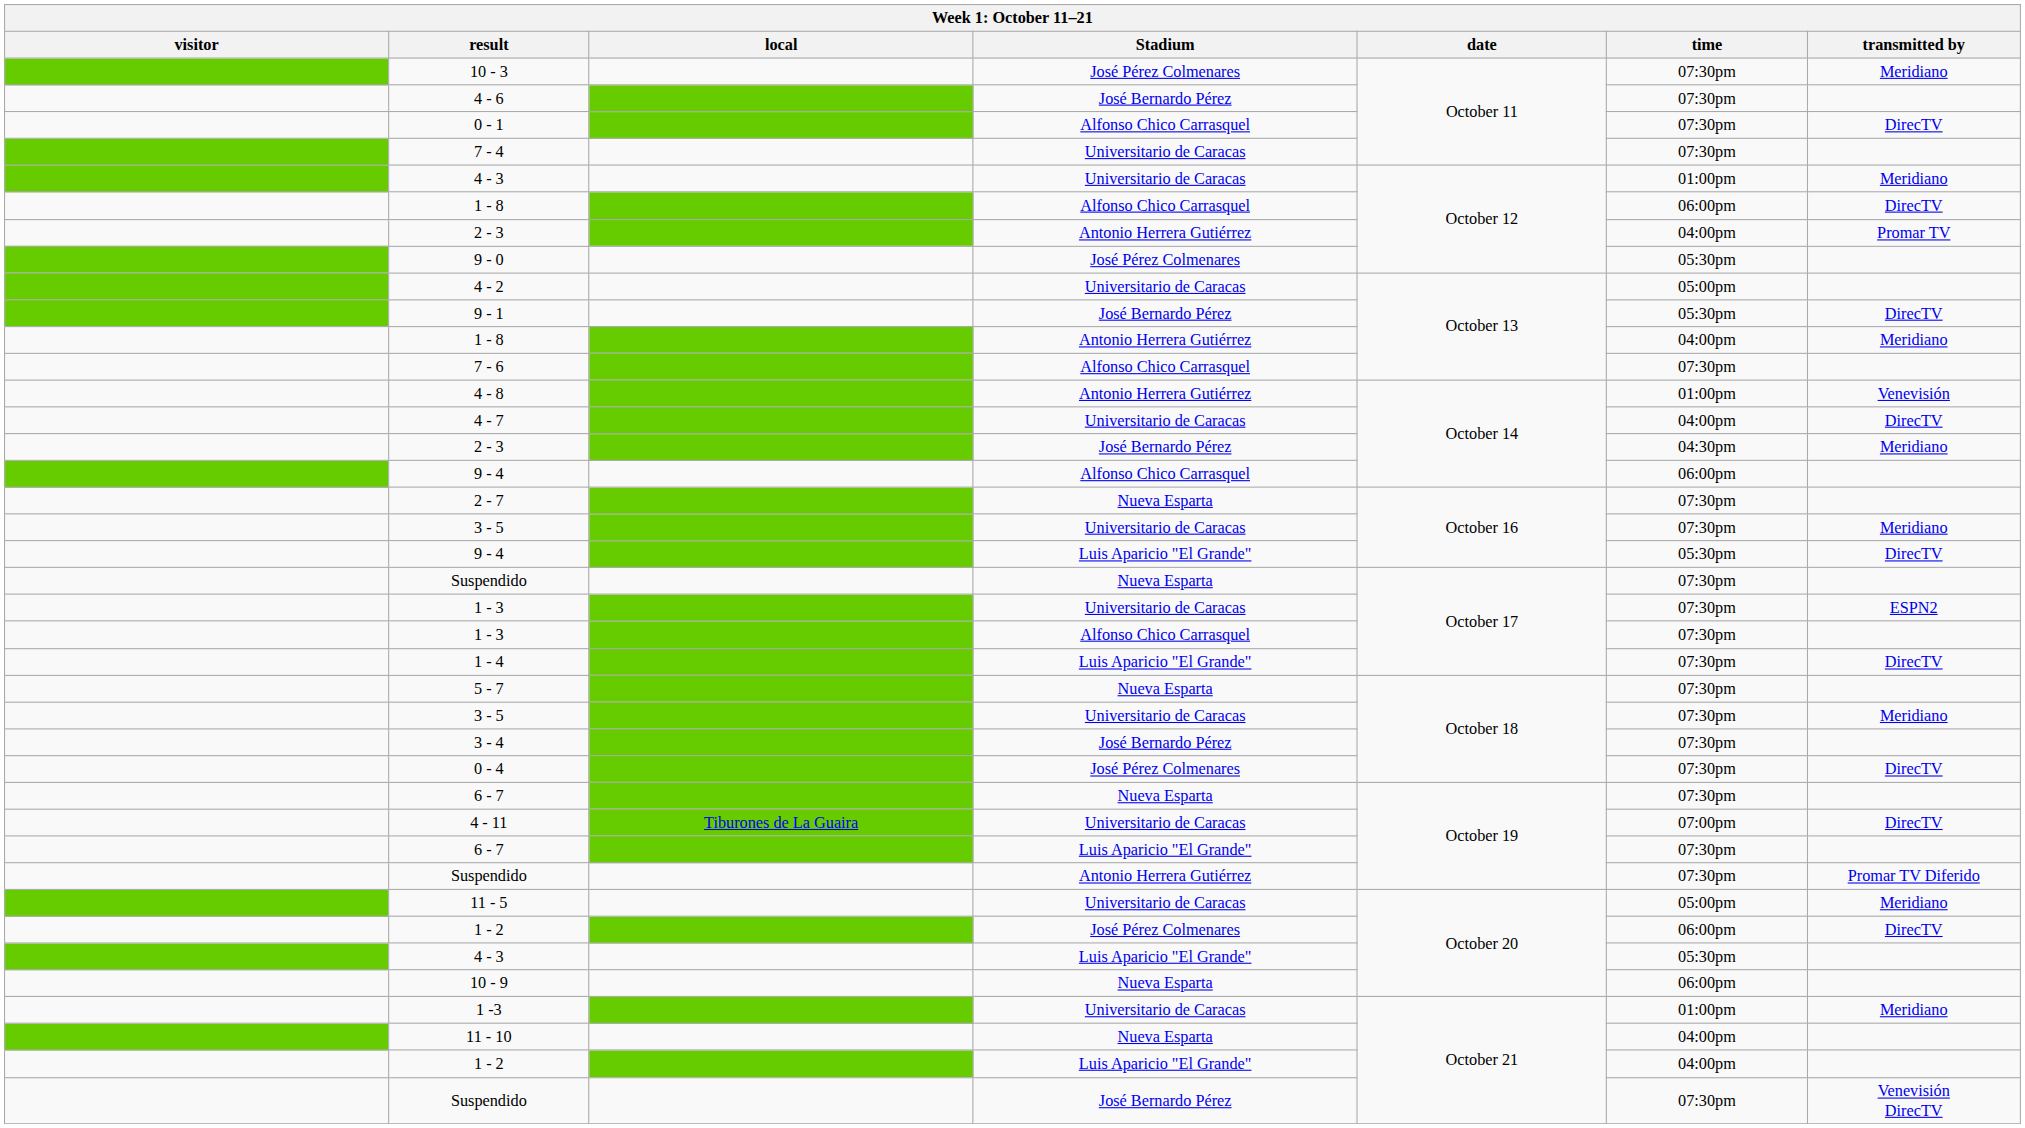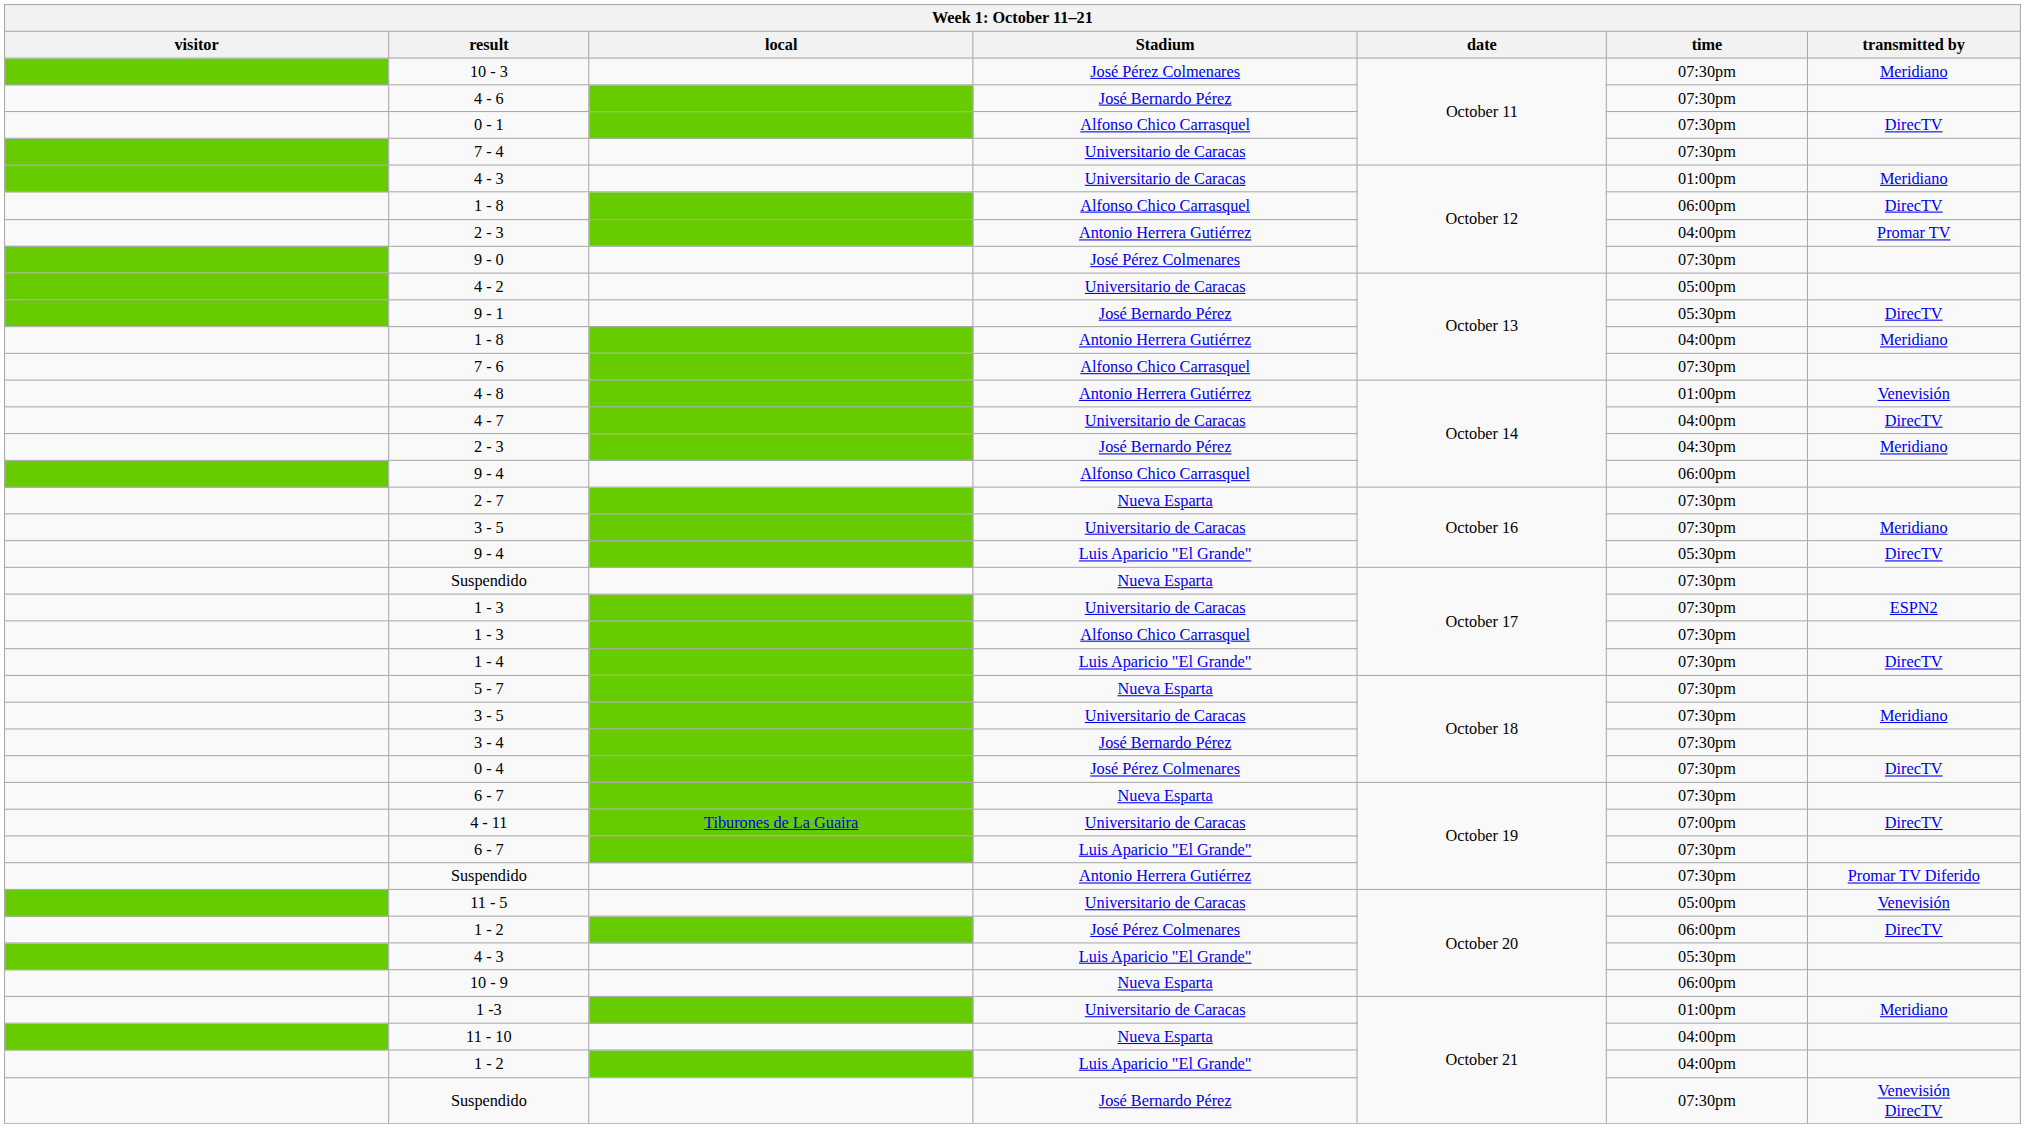 <table class="wikitable collapsible" style="font-size:95%; text-align: center; width: 95%;">
 <tr>
 <th colspan="12" style="with: 100%;" align=center>Week 1: October 11–21</th>
 </tr>
 <tr>
 <th width="150">visitor</th>
 <th width="75">result</th>
 <th width="150">local</th>
 <th width="150">Stadium</th>
 <th width="95">date</th>
 <th width="75">time</th>
 <th width="80">transmitted by</th>
 </tr>
 <tr align=center>
 <td bgcolor=#66CC00></td>
 <td>10 - 3</td>
 <td></td>
 <td><a href='#'>José Pérez Colmenares</a></td>
 <td rowspan="4">October 11</td>
 <td rowspan="1">07:30pm</td>
 <td><a href='#'>Meridiano</a></td>
 </tr>
 <tr align=center>
 <td></td>
 <td>4 - 6</td>
 <td bgcolor=#66CC00></td>
 <td><a href='#'>José Bernardo Pérez</a></td>
 <td rowspan="1">07:30pm</td>
 <td></td>
 </tr>
 <tr align=center>
 <td></td>
 <td>0 - 1</td>
 <td bgcolor=#66CC00></td>
 <td><a href='#'>Alfonso Chico Carrasquel</a></td>
 <td rowspan="1">07:30pm</td>
 <td><a href='#'>DirecTV</a></td>
 </tr>
 <tr align=center>
 <td bgcolor=#66CC00></td>
 <td>7 - 4</td>
 <td></td>
 <td><a href='#'>Universitario de Caracas</a></td>
 <td rowspan="1">07:30pm</td>
 <td></td>
 </tr>
 <tr align=center>
 <td bgcolor=#66CC00></td>
 <td>4 - 3</td>
 <td></td>
 <td><a href='#'>Universitario de Caracas</a></td>
 <td rowspan="4">October 12</td>
 <td rowspan="1">01:00pm</td>
 <td><a href='#'>Meridiano</a></td>
 </tr>
 <tr align=center>
 <td></td>
 <td>1 - 8</td>
 <td bgcolor=#66CC00></td>
 <td><a href='#'>Alfonso Chico Carrasquel</a></td>
 <td rowspan="1">06:00pm</td>
 <td><a href='#'>DirecTV</a></td>
 </tr>
 <tr align=center>
 <td></td>
 <td>2 - 3</td>
 <td bgcolor=#66CC00></td>
 <td><a href='#'>Antonio Herrera Gutiérrez</a></td>
 <td rowspan="1">04:00pm</td>
 <td><a href='#'>Promar TV</a></td>
 </tr>
 <tr align=center>
 <td bgcolor=#66CC00></td>
 <td>9 - 0</td>
 <td></td>
 <td><a href='#'>José Pérez Colmenares</a></td>
-<td rowspan="1">05:30pm</td>
+<td rowspan="1">07:30pm</td>
 <td></td>
 </tr>
 <tr align=center>
 <td bgcolor=#66CC00></td>
 <td>4 - 2</td>
 <td></td>
 <td><a href='#'>Universitario de Caracas</a></td>
 <td rowspan="4">October 13</td>
 <td rowspan="1">05:00pm</td>
 <td></td>
 </tr>
 <tr align=center>
 <td bgcolor=#66CC00></td>
 <td>9 - 1</td>
 <td></td>
 <td><a href='#'>José Bernardo Pérez</a></td>
 <td rowspan="1">05:30pm</td>
 <td><a href='#'>DirecTV</a></td>
 </tr>
 <tr align=center>
 <td></td>
 <td>1 - 8</td>
 <td bgcolor=#66CC00></td>
 <td><a href='#'>Antonio Herrera Gutiérrez</a></td>
 <td rowspan="1">04:00pm</td>
 <td><a href='#'>Meridiano</a></td>
 </tr>
 <tr align=center>
 <td></td>
 <td>7 - 6</td>
 <td bgcolor=#66CC00></td>
 <td><a href='#'>Alfonso Chico Carrasquel</a></td>
 <td rowspan="1">07:30pm</td>
 <td></td>
 </tr>
 <tr align=center>
 <td></td>
 <td>4 - 8</td>
 <td bgcolor=#66CC00></td>
 <td><a href='#'>Antonio Herrera Gutiérrez</a></td>
 <td rowspan="4">October 14</td>
 <td rowspan="1">01:00pm</td>
 <td><a href='#'>Venevisión</a></td>
 </tr>
 <tr align=center>
 <td></td>
 <td>4 - 7</td>
 <td bgcolor=#66CC00></td>
 <td><a href='#'>Universitario de Caracas</a></td>
 <td rowspan="1">04:00pm</td>
 <td><a href='#'>DirecTV</a></td>
 </tr>
 <tr align=center>
 <td></td>
 <td>2 - 3</td>
 <td bgcolor=#66CC00></td>
 <td><a href='#'>José Bernardo Pérez</a></td>
 <td rowspan="1">04:30pm</td>
 <td><a href='#'>Meridiano</a></td>
 </tr>
 <tr align=center>
 <td bgcolor=#66CC00></td>
 <td>9 - 4</td>
 <td></td>
 <td><a href='#'>Alfonso Chico Carrasquel</a></td>
 <td rowspan="1">06:00pm</td>
 <td></td>
 </tr>
 <tr align=center>
 <td></td>
 <td>2 - 7</td>
 <td bgcolor=#66CC00></td>
 <td><a href='#'>Nueva Esparta</a></td>
 <td rowspan="3">October 16</td>
 <td rowspan="1">07:30pm</td>
 <td></td>
 </tr>
 <tr align=center>
 <td></td>
 <td>3 - 5</td>
 <td bgcolor=#66CC00></td>
 <td><a href='#'>Universitario de Caracas</a></td>
 <td rowspan="1">07:30pm</td>
 <td><a href='#'>Meridiano</a></td>
 </tr>
 <tr align=center>
 <td></td>
 <td>9 - 4</td>
 <td bgcolor=#66CC00></td>
 <td><a href='#'>Luis Aparicio "El Grande"</a></td>
 <td rowspan="1">05:30pm</td>
 <td><a href='#'>DirecTV</a></td>
 </tr>
 <tr align=center>
 <td></td>
 <td>Suspendido</td>
 <td></td>
 <td><a href='#'>Nueva Esparta</a></td>
 <td rowspan="4">October 17</td>
 <td rowspan="1">07:30pm</td>
 <td></td>
 </tr>
 <tr align=center>
 <td></td>
 <td>1 - 3</td>
 <td bgcolor=#66CC00></td>
 <td><a href='#'>Universitario de Caracas</a></td>
 <td rowspan="1">07:30pm</td>
 <td><a href='#'>ESPN2</a></td>
 </tr>
 <tr align=center>
 <td></td>
 <td>1 - 3</td>
 <td bgcolor=#66CC00></td>
 <td><a href='#'>Alfonso Chico Carrasquel</a></td>
 <td rowspan="1">07:30pm</td>
 <td></td>
 </tr>
 <tr align=center>
 <td></td>
 <td>1 - 4</td>
 <td bgcolor=#66CC00></td>
 <td><a href='#'>Luis Aparicio "El Grande"</a></td>
 <td rowspan="1">07:30pm</td>
 <td><a href='#'>DirecTV</a></td>
 </tr>
 <tr align=center>
 <td></td>
 <td>5 - 7</td>
 <td bgcolor=#66CC00></td>
 <td><a href='#'>Nueva Esparta</a></td>
 <td rowspan="4">October 18</td>
 <td rowspan="1">07:30pm</td>
 <td></td>
 </tr>
 <tr align=center>
 <td></td>
 <td>3 - 5</td>
 <td bgcolor=#66CC00></td>
 <td><a href='#'>Universitario de Caracas</a></td>
 <td rowspan="1">07:30pm</td>
 <td><a href='#'>Meridiano</a></td>
 </tr>
 <tr align=center>
 <td></td>
 <td>3 - 4</td>
 <td bgcolor=#66CC00></td>
 <td><a href='#'>José Bernardo Pérez</a></td>
 <td rowspan="1">07:30pm</td>
 <td></td>
 </tr>
 <tr align=center>
 <td></td>
 <td>0 - 4</td>
 <td bgcolor=#66CC00></td>
 <td><a href='#'>José Pérez Colmenares</a></td>
 <td rowspan="1">07:30pm</td>
 <td><a href='#'>DirecTV</a></td>
 </tr>
 <tr align=center>
 <td></td>
 <td>6 - 7</td>
 <td bgcolor=#66CC00></td>
 <td><a href='#'>Nueva Esparta</a></td>
 <td rowspan="4">October 19</td>
 <td rowspan="1">07:30pm</td>
 <td></td>
 </tr>
 <tr align=center>
 <td></td>
 <td>4 - 11</td>
 <td bgcolor=#66CC00><a href='#'>Tiburones de La Guaira</a></td>
 <td><a href='#'>Universitario de Caracas</a></td>
 <td rowspan="1">07:00pm</td>
 <td><a href='#'>DirecTV</a></td>
 </tr>
 <tr align=center>
 <td></td>
 <td>6 - 7</td>
 <td bgcolor=#66CC00></td>
 <td><a href='#'>Luis Aparicio "El Grande"</a></td>
 <td rowspan="1">07:30pm</td>
 <td></td>
 </tr>
 <tr align=center>
 <td></td>
 <td>Suspendido</td>
 <td></td>
 <td><a href='#'>Antonio Herrera Gutiérrez</a></td>
 <td rowspan="1">07:30pm</td>
 <td><a href='#'>Promar TV Diferido</a></td>
 </tr>
 <tr align=center>
 <td bgcolor=#66CC00></td>
 <td>11 - 5</td>
 <td></td>
 <td><a href='#'>Universitario de Caracas</a></td>
 <td rowspan="4">October 20</td>
 <td rowspan="1">05:00pm</td>
-<td><a href='#'>Meridiano</a></td>
+<td><a href='#'>Venevisión</a></td>
 </tr>
 <tr align=center>
 <td></td>
 <td>1 - 2</td>
 <td bgcolor=#66CC00></td>
 <td><a href='#'>José Pérez Colmenares</a></td>
 <td rowspan="1">06:00pm</td>
 <td><a href='#'>DirecTV</a></td>
 </tr>
 <tr align=center>
 <td bgcolor=#66CC00></td>
 <td>4 - 3</td>
 <td></td>
 <td><a href='#'>Luis Aparicio "El Grande"</a></td>
 <td rowspan="1">05:30pm</td>
 <td></td>
 </tr>
 <tr align=center>
 <td></td>
 <td>10 - 9</td>
 <td></td>
 <td><a href='#'>Nueva Esparta</a></td>
 <td rowspan="1">06:00pm</td>
 <td></td>
 </tr>
 <tr align=center>
 <td></td>
 <td>1 -3</td>
 <td bgcolor=#66CC00></td>
 <td><a href='#'>Universitario de Caracas</a></td>
 <td rowspan="4">October 21</td>
 <td rowspan="1">01:00pm</td>
 <td><a href='#'>Meridiano</a></td>
 </tr>
 <tr align=center>
 <td bgcolor=#66CC00></td>
 <td>11 - 10</td>
 <td></td>
 <td><a href='#'>Nueva Esparta</a></td>
 <td rowspan="1">04:00pm</td>
 <td></td>
 </tr>
 <tr align=center>
 <td></td>
 <td>1 - 2</td>
 <td bgcolor=#66CC00></td>
 <td><a href='#'>Luis Aparicio "El Grande"</a></td>
 <td rowspan="1">04:00pm</td>
 <td></td>
 </tr>
 <tr align=center>
 <td></td>
 <td>Suspendido</td>
 <td></td>
 <td><a href='#'>José Bernardo Pérez</a></td>
 <td rowspan="1">07:30pm</td>
 <td><a href='#'>Venevisión</a><br><a href='#'>DirecTV</a></td>
 </tr>
 </table>
